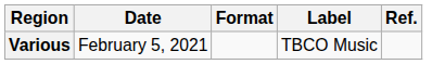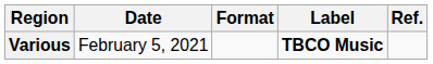 <table class="wikitable plainrowheaders">
 <tr>
 <th scope="col">Region</th>
 <th scope="col">Date</th>
 <th scope="col">Format</th>
 <th scope="col">Label</th>
 <th scope="col">Ref.</th>
 </tr>
 <tr>
 <th scope="row">Various</th>
 <td>February 5, 2021</td>
 <td></td>
-<td>TBCO Music</td>
+<td><strong>TBCO Music</strong></td>
 <td></td>
 </tr>
 <tr>
 </tr>
 </table>
